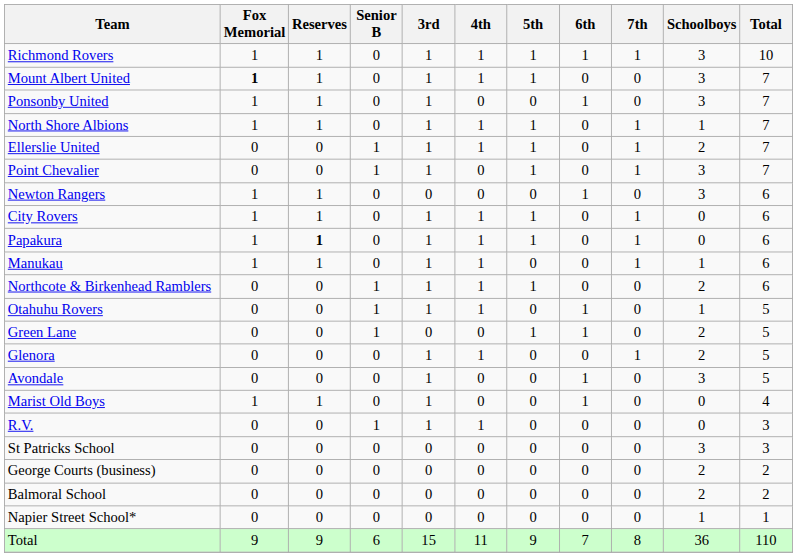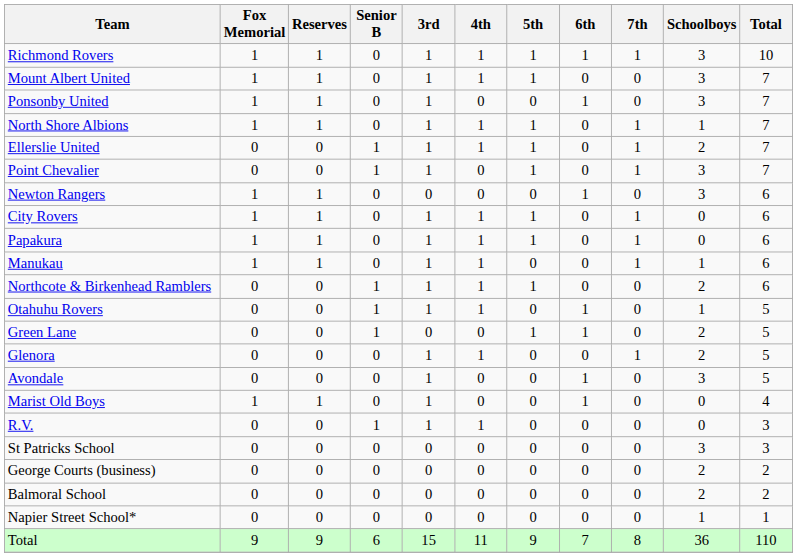 <table class="wikitable" style="text-align:center;">
 <tr>
 <th width=230>Team</th>
 <th width=50 abbr="1st Grade">Fox Memorial</th>
 <th width=50 abbr="Reserves">Reserves</th>
 <th width=50 abbr="Senior B">Senior B</th>
 <th width=50 abbr="3rd Grade">3rd</th>
 <th width=50 abbr="4th Grade">4th</th>
 <th width=50 abbr="5th Grade">5th</th>
 <th width=50 abbr="6th Grade">6th</th>
 <th width=50 abbr="7th Grade">7th</th>
 <th width=50 abbr="Schoolboys">Schoolboys</th>
 <th width=50 abbr="Total">Total</th>
 </tr>
 <tr>
 <td style="text-align:left;"><a href='#'>Richmond Rovers</a></td>
 <td>1</td>
 <td>1</td>
 <td>0</td>
 <td>1</td>
 <td>1</td>
 <td>1</td>
 <td>1</td>
 <td>1</td>
 <td>3</td>
 <td>10</td>
 </tr>
 <tr>
 <td style="text-align:left;"><a href='#'>Mount Albert United</a></td>
-<td><strong>1</strong></td>
+<td>1</td>
 <td>1</td>
 <td>0</td>
 <td>1</td>
 <td>1</td>
 <td>1</td>
 <td>0</td>
 <td>0</td>
 <td>3</td>
 <td>7</td>
 </tr>
 <tr>
 <td style="text-align:left;"><a href='#'>Ponsonby United</a></td>
 <td>1</td>
 <td>1</td>
 <td>0</td>
 <td>1</td>
 <td>0</td>
 <td>0</td>
 <td>1</td>
 <td>0</td>
 <td>3</td>
 <td>7</td>
 </tr>
 <tr>
 <td style="text-align:left;"><a href='#'>North Shore Albions</a></td>
 <td>1</td>
 <td>1</td>
 <td>0</td>
 <td>1</td>
 <td>1</td>
 <td>1</td>
 <td>0</td>
 <td>1</td>
 <td>1</td>
 <td>7</td>
 </tr>
 <tr>
 <td style="text-align:left;"><a href='#'>Ellerslie United</a></td>
 <td>0</td>
 <td>0</td>
 <td>1</td>
 <td>1</td>
 <td>1</td>
 <td>1</td>
 <td>0</td>
 <td>1</td>
 <td>2</td>
 <td>7</td>
 </tr>
 <tr>
 <td style="text-align:left;"><a href='#'>Point Chevalier</a></td>
 <td>0</td>
 <td>0</td>
 <td>1</td>
 <td>1</td>
 <td>0</td>
 <td>1</td>
 <td>0</td>
 <td>1</td>
 <td>3</td>
 <td>7</td>
 </tr>
 <tr>
 <td style="text-align:left;"><a href='#'>Newton Rangers</a></td>
 <td>1</td>
 <td>1</td>
 <td>0</td>
 <td>0</td>
 <td>0</td>
 <td>0</td>
 <td>1</td>
 <td>0</td>
 <td>3</td>
 <td>6</td>
 </tr>
 <tr>
 <td style="text-align:left;"><a href='#'>City Rovers</a></td>
 <td>1</td>
 <td>1</td>
 <td>0</td>
 <td>1</td>
 <td>1</td>
 <td>1</td>
 <td>0</td>
 <td>1</td>
 <td>0</td>
 <td>6</td>
 </tr>
 <tr>
 <td style="text-align:left;"><a href='#'>Papakura</a></td>
 <td>1</td>
-<td><strong>1</strong></td>
+<td>1</td>
 <td>0</td>
 <td>1</td>
 <td>1</td>
 <td>1</td>
 <td>0</td>
 <td>1</td>
 <td>0</td>
 <td>6</td>
 </tr>
 <tr>
 <td style="text-align:left;"><a href='#'>Manukau</a></td>
 <td>1</td>
 <td>1</td>
 <td>0</td>
 <td>1</td>
 <td>1</td>
 <td>0</td>
 <td>0</td>
 <td>1</td>
 <td>1</td>
 <td>6</td>
 </tr>
 <tr>
 <td style="text-align:left;"><a href='#'>Northcote & Birkenhead Ramblers</a></td>
 <td>0</td>
 <td>0</td>
 <td>1</td>
 <td>1</td>
 <td>1</td>
 <td>1</td>
 <td>0</td>
 <td>0</td>
 <td>2</td>
 <td>6</td>
 </tr>
 <tr>
 <td style="text-align:left;"><a href='#'>Otahuhu Rovers</a></td>
 <td>0</td>
 <td>0</td>
 <td>1</td>
 <td>1</td>
 <td>1</td>
 <td>0</td>
 <td>1</td>
 <td>0</td>
 <td>1</td>
 <td>5</td>
 </tr>
 <tr>
 <td style="text-align:left;"><a href='#'>Green Lane</a></td>
 <td>0</td>
 <td>0</td>
 <td>1</td>
 <td>0</td>
 <td>0</td>
 <td>1</td>
 <td>1</td>
 <td>0</td>
 <td>2</td>
 <td>5</td>
 </tr>
 <tr>
 <td style="text-align:left;"><a href='#'>Glenora</a></td>
 <td>0</td>
 <td>0</td>
 <td>0</td>
 <td>1</td>
 <td>1</td>
 <td>0</td>
 <td>0</td>
 <td>1</td>
 <td>2</td>
 <td>5</td>
 </tr>
 <tr>
 <td style="text-align:left;"><a href='#'>Avondale</a></td>
 <td>0</td>
 <td>0</td>
 <td>0</td>
 <td>1</td>
 <td>0</td>
 <td>0</td>
 <td>1</td>
 <td>0</td>
 <td>3</td>
 <td>5</td>
 </tr>
 <tr>
 <td style="text-align:left;"><a href='#'>Marist Old Boys</a></td>
 <td>1</td>
 <td>1</td>
 <td>0</td>
 <td>1</td>
 <td>0</td>
 <td>0</td>
 <td>1</td>
 <td>0</td>
 <td>0</td>
 <td>4</td>
 </tr>
 <tr>
 <td style="text-align:left;"><a href='#'>R.V.</a></td>
 <td>0</td>
 <td>0</td>
 <td>1</td>
 <td>1</td>
 <td>1</td>
 <td>0</td>
 <td>0</td>
 <td>0</td>
 <td>0</td>
 <td>3</td>
 </tr>
 <tr>
 <td style="text-align:left;">St Patricks School</td>
 <td>0</td>
 <td>0</td>
 <td>0</td>
 <td>0</td>
 <td>0</td>
 <td>0</td>
 <td>0</td>
 <td>0</td>
 <td>3</td>
 <td>3</td>
 </tr>
 <tr>
 <td style="text-align:left;">George Courts (business)</td>
 <td>0</td>
 <td>0</td>
 <td>0</td>
 <td>0</td>
 <td>0</td>
 <td>0</td>
 <td>0</td>
 <td>0</td>
 <td>2</td>
 <td>2</td>
 </tr>
 <tr>
 <td style="text-align:left;">Balmoral School</td>
 <td>0</td>
 <td>0</td>
 <td>0</td>
 <td>0</td>
 <td>0</td>
 <td>0</td>
 <td>0</td>
 <td>0</td>
 <td>2</td>
 <td>2</td>
 </tr>
 <tr>
 <td style="text-align:left;">Napier Street School*</td>
 <td>0</td>
 <td>0</td>
 <td>0</td>
 <td>0</td>
 <td>0</td>
 <td>0</td>
 <td>0</td>
 <td>0</td>
 <td>1</td>
 <td>1</td>
 </tr>
 <tr style="background: #ccffcc;">
 <td style="text-align:left;">Total</td>
 <td>9</td>
 <td>9</td>
 <td>6</td>
 <td>15</td>
 <td>11</td>
 <td>9</td>
 <td>7</td>
 <td>8</td>
 <td>36</td>
 <td>110</td>
 </tr>
 <tr>
 </tr>
 </table>
